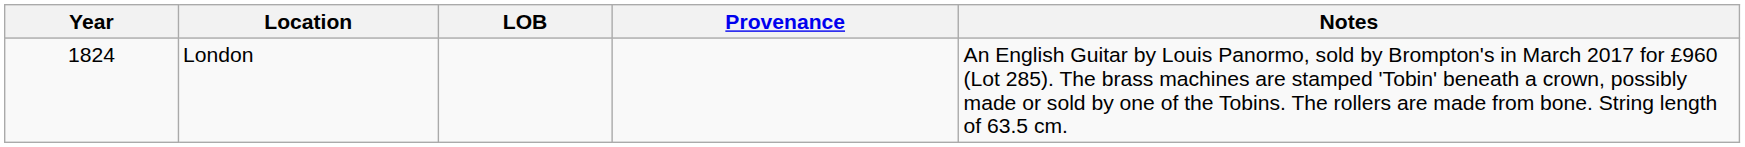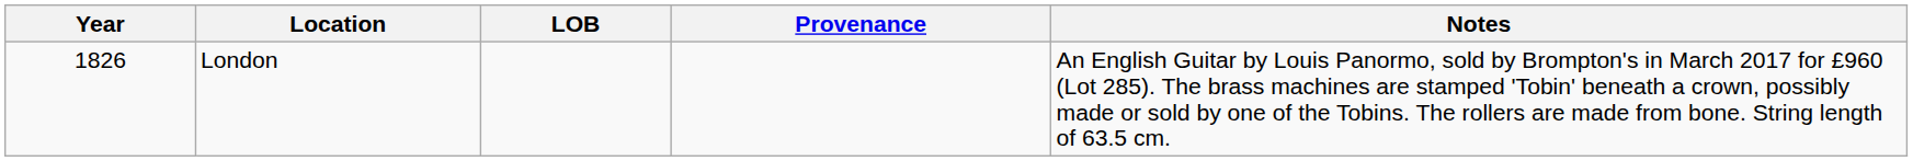 <table class="sortable wikitable" style="margins:auto; width=95%; font-size: 95%;">
 <tr>
 <th width="10%">Year</th>
 <th width="15%">Location</th>
 <th width="10%">LOB</th>
 <th width="20%"><a href='#'>Provenance</a></th>
 <th width="45%">Notes</th>
 </tr>
 <tr valign="top">
-<td align=center>1824</td>
+<td align=center>1826</td>
 <td>London</td>
 <td></td>
 <td></td>
 <td>An English Guitar by Louis Panormo, sold by Brompton's in March 2017 for £960 (Lot 285). The brass machines are stamped 'Tobin' beneath a crown, possibly made or sold by one of the Tobins. The rollers are made from bone. String length of 63.5 cm.</td>
 </tr>
 </table>
